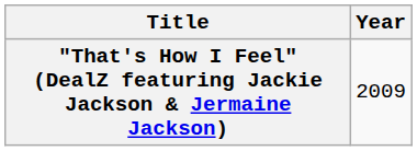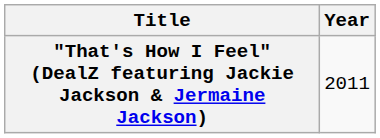 <table class="wikitable plainrowheaders" style="text-align:center;">
 <tr>
 <th scope="col" style="width:16em;">Title</th>
 <th scope="col">Year</th>
 </tr>
 <tr>
 <th scope="row">"That's How I Feel"<br><span>(DealZ featuring Jackie Jackson & <a href='#'>Jermaine Jackson</a>)</span></th>
-<td>2009</td>
+<td>2011</td>
 </tr>
 </table>
